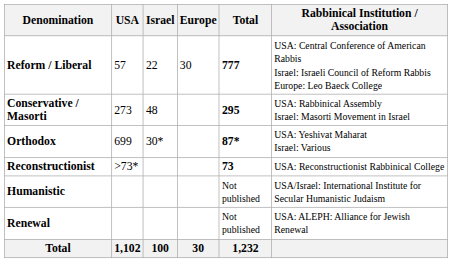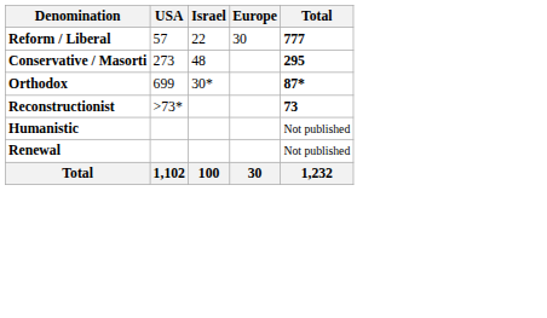 <table class="wikitable sortable" style="vertical-align:middle; font-size:100%; font-family:serif !important;; background-color:#ffffff; color:#000000;">
 <tr style="font-weight:bold; background-color:#efefef;">
 <th>Denomination</th>
 <th>USA</th>
 <th>Israel</th>
 <th>Europe</th>
 <th>Total</th>
-<th class=unsortable>Rabbinical Institution / Association</th>
 </tr>
 <tr>
 <td style="font-weight:bold;">Reform / Liberal</td>
 <td>57</td>
 <td>22</td>
 <td>30</td>
 <td style="font-weight:bold;">777</td>
-<td><small>USA: Central Conference of American Rabbis<br>Israel: Israeli Council of Reform Rabbis<br>Europe: Leo Baeck College</small></td>
 </tr>
 <tr>
 <td style="font-weight:bold;">Conservative / Masorti</td>
 <td>273</td>
 <td>48</td>
 <td></td>
 <td style="font-weight:bold;">295</td>
-<td><small>USA: Rabbinical Assembly<br>Israel: Masorti Movement in Israel</small></td>
 </tr>
 <tr>
 <td style="font-weight:bold;">Orthodox</td>
 <td>699</td>
 <td>30*</td>
 <td></td>
 <td style="font-weight:bold;">87*</td>
-<td><small>USA:   Yeshivat Maharat<br>Israel: Various</small></td>
 </tr>
 <tr>
 <td style="font-weight:bold;">Reconstructionist</td>
 <td>>73*</td>
 <td></td>
 <td></td>
 <td style="font-weight:bold;">73</td>
-<td><small>USA: Reconstructionist Rabbinical College</small></td>
 </tr>
 <tr>
 <td style="font-weight:bold;">Humanistic</td>
 <td></td>
 <td></td>
 <td></td>
 <td><small>Not published</small></td>
-<td><small>USA/Israel: International Institute for Secular Humanistic Judaism</small></td>
 </tr>
 <tr>
 <td style="font-weight:bold;">Renewal</td>
 <td></td>
 <td></td>
 <td></td>
 <td><small>Not published</small></td>
-<td><small>USA: ALEPH: Alliance for Jewish Renewal</small></td>
 </tr>
 <tr style="font-weight:bold; background-color:#efefef;">
 <th>Total</th>
 <th>1,102</th>
 <th>100</th>
 <th>30</th>
 <th>1,232</th>
-<th style="font-weight:normal;"></th>
 </tr>
 </table>
